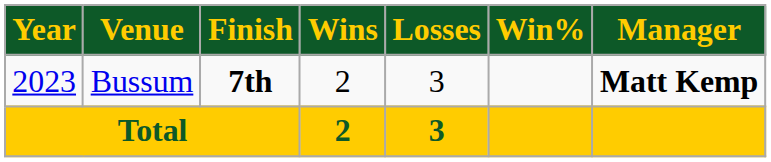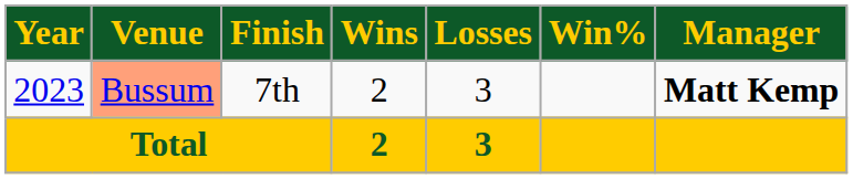 <table class="wikitable sortable plainrowheaders" style="text-align:center;">
 <tr>
 <th scope="col" style="background-color:#0D5928; color:#FFCC00;">Year</th>
 <th scope="col" style="background-color:#0D5928; color:#FFCC00;">Venue</th>
 <th scope="col" style="background-color:#0D5928; color:#FFCC00;">Finish</th>
 <th scope="col" style="background-color:#0D5928; color:#FFCC00;">Wins</th>
 <th scope="col" style="background-color:#0D5928; color:#FFCC00;">Losses</th>
 <th scope="col" style="background-color:#0D5928; color:#FFCC00;">Win%</th>
 <th scope="col" style="background-color:#0D5928; color:#FFCC00;">Manager</th>
 </tr>
 <tr>
 <td><a href='#'>2023</a></td>
-<td align=left> <a href='#'>Bussum</a></td>
-<td><strong>7th</strong></td>
+<td align=left style="background: lightsalmon;"> <a href='#'>Bussum</a></td>
+<td>7th</td>
 <td>2</td>
 <td>3</td>
 <td></td>
 <td align=left><strong> Matt Kemp</strong></td>
 </tr>
 <tr style="background-color:#FFCC00; color:#0D5928;">
 <td colspan="3"><strong>Total</strong></td>
 <td><strong>2</strong></td>
 <td><strong>3</strong></td>
 <td><strong></strong></td>
 <td></td>
 </tr>
 </table>
